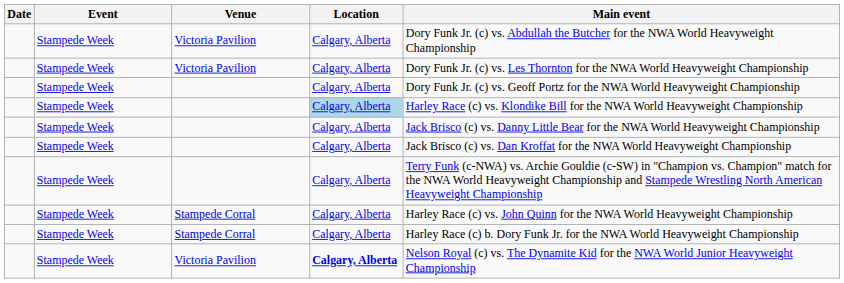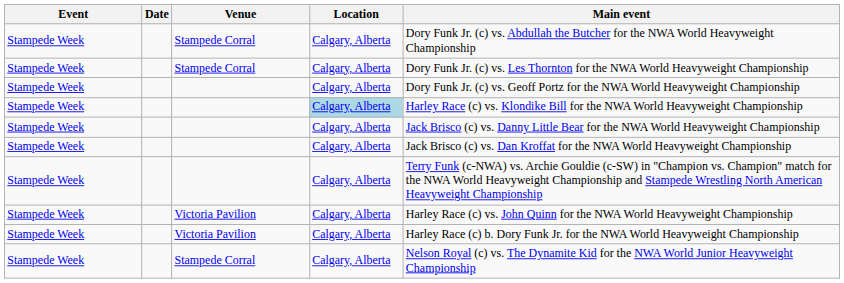 <table class="sortable wikitable succession-box" style="font-size:85%;">
 <tr>
+<th scope="col" width="150">Event</th>
 <th scope="col" width="10">Date</th>
-<th scope="col" width="150">Event</th>
 <th scope="col" width="150">Venue</th>
 <th scope="col" width="100">Location</th>
 <th scope="col" width="490">Main event</th>
 </tr>
 <tr>
+<td><a href='#'>Stampede Week</a></td>
 <td></td>
-<td><a href='#'>Stampede Week</a></td>
-<td><a href='#'>Victoria Pavilion</a></td>
+<td><a href='#'>Stampede Corral</a></td>
 <td><a href='#'>Calgary, Alberta</a></td>
 <td>Dory Funk Jr. (c) vs. <a href='#'>Abdullah the Butcher</a> for the NWA World Heavyweight Championship</td>
 </tr>
 <tr>
+<td><a href='#'>Stampede Week</a></td>
 <td></td>
-<td><a href='#'>Stampede Week</a></td>
-<td><a href='#'>Victoria Pavilion</a></td>
+<td><a href='#'>Stampede Corral</a></td>
 <td><a href='#'>Calgary, Alberta</a></td>
 <td>Dory Funk Jr. (c) vs. <a href='#'>Les Thornton</a> for the NWA World Heavyweight Championship</td>
 </tr>
 <tr>
+<td><a href='#'>Stampede Week</a></td>
 <td></td>
-<td><a href='#'>Stampede Week</a></td>
 <td></td>
 <td><a href='#'>Calgary, Alberta</a></td>
 <td>Dory Funk Jr. (c) vs. Geoff Portz for the NWA World Heavyweight Championship</td>
 </tr>
 <tr>
+<td><a href='#'>Stampede Week</a></td>
 <td></td>
-<td><a href='#'>Stampede Week</a></td>
 <td></td>
 <td style="background: lightblue;"><a href='#'>Calgary, Alberta</a></td>
 <td><a href='#'>Harley Race</a> (c) vs. <a href='#'>Klondike Bill</a> for the NWA World Heavyweight Championship</td>
 </tr>
 <tr>
+<td><a href='#'>Stampede Week</a></td>
 <td></td>
-<td><a href='#'>Stampede Week</a></td>
 <td></td>
 <td><a href='#'>Calgary, Alberta</a></td>
 <td><a href='#'>Jack Brisco</a> (c) vs. <a href='#'>Danny Little Bear</a> for the NWA World Heavyweight Championship</td>
 </tr>
 <tr>
+<td><a href='#'>Stampede Week</a></td>
 <td></td>
-<td><a href='#'>Stampede Week</a></td>
 <td></td>
 <td><a href='#'>Calgary, Alberta</a></td>
 <td>Jack Brisco (c) vs. <a href='#'>Dan Kroffat</a> for the NWA World Heavyweight Championship</td>
 </tr>
 <tr>
+<td><a href='#'>Stampede Week</a></td>
 <td></td>
-<td><a href='#'>Stampede Week</a></td>
 <td></td>
 <td><a href='#'>Calgary, Alberta</a></td>
 <td><a href='#'>Terry Funk</a> (c-NWA) vs. Archie Gouldie (c-SW) in "Champion vs. Champion" match for the NWA World Heavyweight Championship and <a href='#'>Stampede Wrestling North American Heavyweight Championship</a></td>
 </tr>
 <tr>
+<td><a href='#'>Stampede Week</a></td>
 <td></td>
-<td><a href='#'>Stampede Week</a></td>
-<td><a href='#'>Stampede Corral</a></td>
+<td><a href='#'>Victoria Pavilion</a></td>
 <td><a href='#'>Calgary, Alberta</a></td>
 <td>Harley Race (c) vs. <a href='#'>John Quinn</a> for the NWA World Heavyweight Championship</td>
 </tr>
 <tr>
+<td><a href='#'>Stampede Week</a></td>
 <td></td>
-<td><a href='#'>Stampede Week</a></td>
-<td><a href='#'>Stampede Corral</a></td>
+<td><a href='#'>Victoria Pavilion</a></td>
 <td><a href='#'>Calgary, Alberta</a></td>
 <td>Harley Race (c) b. Dory Funk Jr. for the NWA World Heavyweight Championship</td>
 </tr>
 <tr>
+<td><a href='#'>Stampede Week</a></td>
 <td></td>
-<td><a href='#'>Stampede Week</a></td>
-<td><a href='#'>Victoria Pavilion</a></td>
-<td><strong><a href='#'>Calgary, Alberta</a></strong></td>
+<td><a href='#'>Stampede Corral</a></td>
+<td><a href='#'>Calgary, Alberta</a></td>
 <td><a href='#'>Nelson Royal</a> (c) vs. <a href='#'>The Dynamite Kid</a> for the <a href='#'>NWA World Junior Heavyweight Championship</a></td>
 </tr>
 </table>
